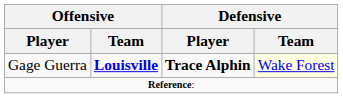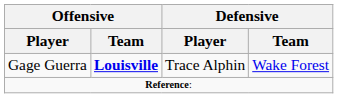 <table class="wikitable" style="text-align: center;">
 <tr>
 <th colspan="2">Offensive</th>
 <th colspan="2">Defensive</th>
 </tr>
 <tr>
 <th>Player</th>
 <th>Team</th>
 <th>Player</th>
 <th>Team</th>
 </tr>
 <tr>
 <td>Gage Guerra</td>
 <td><strong><a href='#'>Louisville</a></strong></td>
-<td><strong>Trace Alphin</strong></td>
-<td style="background: lightyellow;"><a href='#'>Wake Forest</a></td>
+<td>Trace Alphin</td>
+<td><a href='#'>Wake Forest</a></td>
 </tr>
 <tr>
 <td colspan="4"  style="font-size:8pt; text-align:center;"><strong>Reference</strong>:</td>
 </tr>
 </table>
